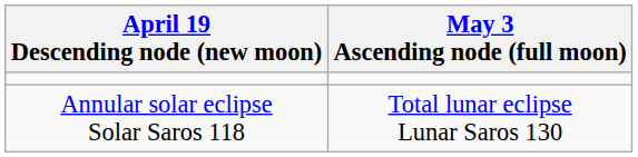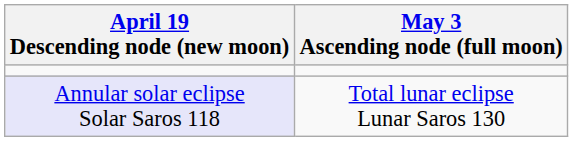 <table class="wikitable">
 <tr>
 <th><a href='#'>April 19</a><br>Descending node (new moon)</th>
 <th><a href='#'>May 3</a><br>Ascending node (full moon)</th>
 </tr>
 <tr>
 <td></td>
 <td></td>
 </tr>
 <tr align=center>
-<td><a href='#'>Annular solar eclipse</a><br>Solar Saros 118</td>
+<td style="background: lavender;"><a href='#'>Annular solar eclipse</a><br>Solar Saros 118</td>
 <td><a href='#'>Total lunar eclipse</a><br>Lunar Saros 130</td>
 </tr>
 </table>
